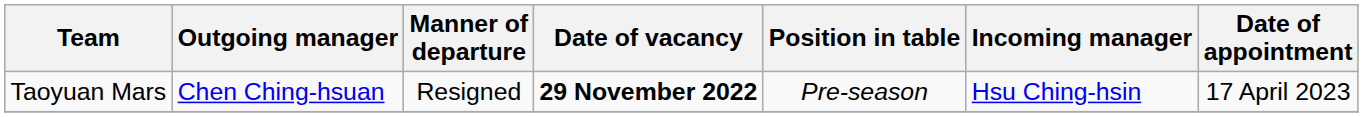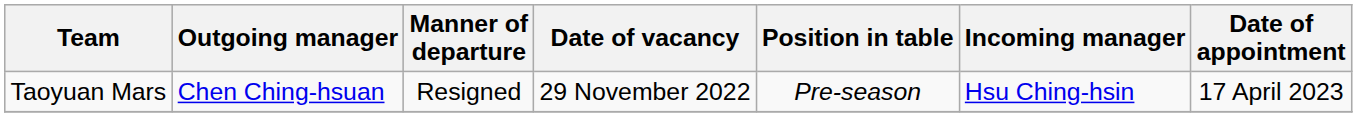 <table class="wikitable sortable">
 <tr>
 <th>Team</th>
 <th>Outgoing manager</th>
 <th>Manner of<br>departure</th>
 <th>Date of vacancy</th>
 <th>Position in table</th>
 <th>Incoming manager</th>
 <th>Date of<br>appointment</th>
 </tr>
 <tr>
 <td>Taoyuan Mars</td>
 <td> <a href='#'>Chen Ching-hsuan</a></td>
 <td align="center">Resigned</td>
-<td align="center"><strong>29 November 2022</strong></td>
+<td align="center">29 November 2022</td>
 <td align="center"><em>Pre-season</em></td>
 <td> <a href='#'>Hsu Ching-hsin</a></td>
 <td align="center">17 April 2023</td>
 </tr>
 <tr>
 </tr>
 </table>
